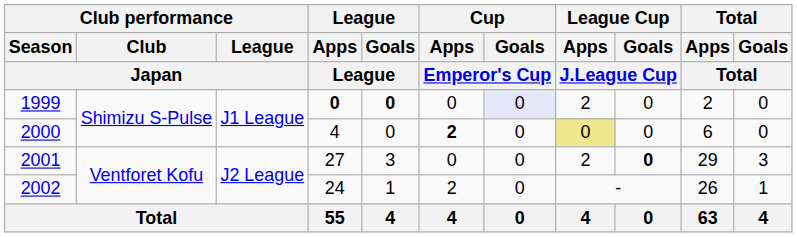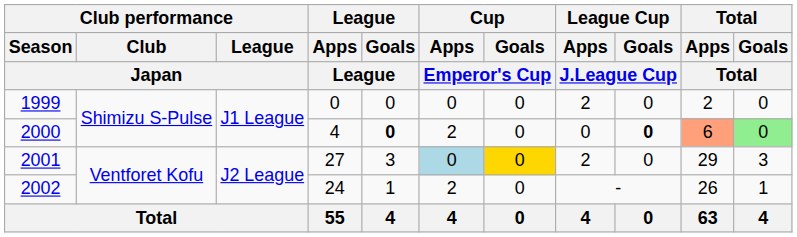 <table class="wikitable" style="text-align:center;">
 <tr>
 <th colspan=3>Club performance</th>
 <th colspan=2>League</th>
 <th colspan=2>Cup</th>
 <th colspan=2>League Cup</th>
 <th colspan=2>Total</th>
 </tr>
 <tr>
 <th>Season</th>
 <th>Club</th>
 <th>League</th>
 <th>Apps</th>
 <th>Goals</th>
 <th>Apps</th>
 <th>Goals</th>
 <th>Apps</th>
 <th>Goals</th>
 <th>Apps</th>
 <th>Goals</th>
 </tr>
 <tr>
 <th colspan=3>Japan</th>
 <th colspan=2>League</th>
 <th colspan=2><a href='#'>Emperor's Cup</a></th>
 <th colspan=2><a href='#'>J.League Cup</a></th>
 <th colspan=2>Total</th>
 </tr>
 <tr>
 <td><a href='#'>1999</a></td>
 <td rowspan="2"><a href='#'>Shimizu S-Pulse</a></td>
 <td rowspan="2"><a href='#'>J1 League</a></td>
-<td><strong>0</strong></td>
-<td><strong>0</strong></td>
 <td>0</td>
-<td style="background: lavender;">0</td>
+<td>0</td>
+<td>0</td>
+<td>0</td>
 <td>2</td>
 <td>0</td>
 <td>2</td>
 <td>0</td>
 </tr>
 <tr>
 <td><a href='#'>2000</a></td>
 <td>4</td>
+<td><strong>0</strong></td>
+<td>2</td>
 <td>0</td>
-<td><strong>2</strong></td>
 <td>0</td>
-<td style="background: khaki;">0</td>
-<td>0</td>
-<td>6</td>
-<td>0</td>
+<td><strong>0</strong></td>
+<td style="background: lightsalmon;">6</td>
+<td style="background: lightgreen;">0</td>
 </tr>
 <tr>
 <td><a href='#'>2001</a></td>
 <td rowspan="2"><a href='#'>Ventforet Kofu</a></td>
 <td rowspan="2"><a href='#'>J2 League</a></td>
 <td>27</td>
 <td>3</td>
+<td style="background: lightblue;">0</td>
+<td style="background: gold;">0</td>
+<td>2</td>
 <td>0</td>
-<td>0</td>
-<td>2</td>
-<td><strong>0</strong></td>
 <td>29</td>
 <td>3</td>
 </tr>
 <tr>
 <td><a href='#'>2002</a></td>
 <td>24</td>
 <td>1</td>
 <td>2</td>
 <td>0</td>
 <td colspan="2">-</td>
 <td>26</td>
 <td>1</td>
 </tr>
 <tr>
 <th colspan=3>Total</th>
 <th>55</th>
 <th>4</th>
 <th>4</th>
 <th>0</th>
 <th>4</th>
 <th>0</th>
 <th>63</th>
 <th>4</th>
 </tr>
 </table>
